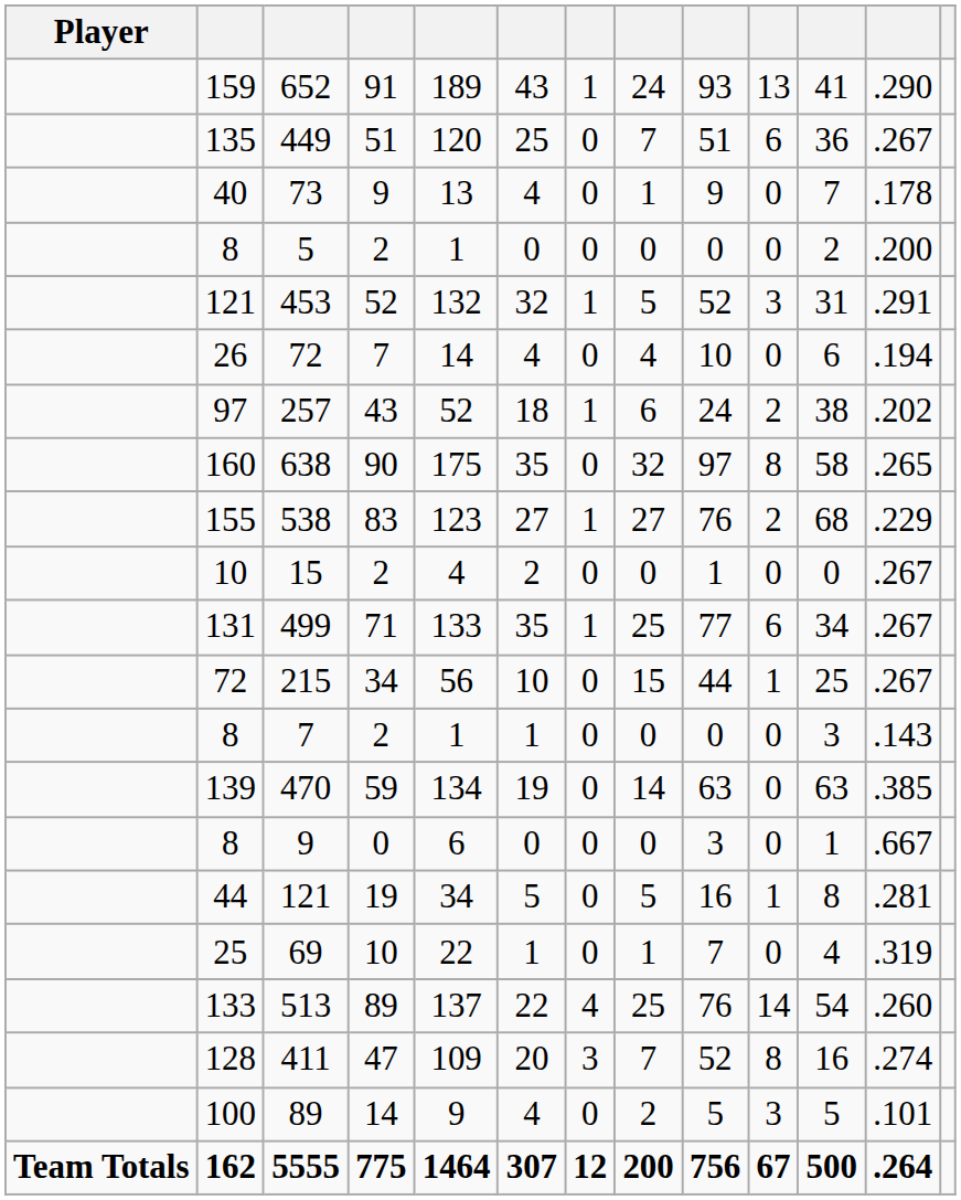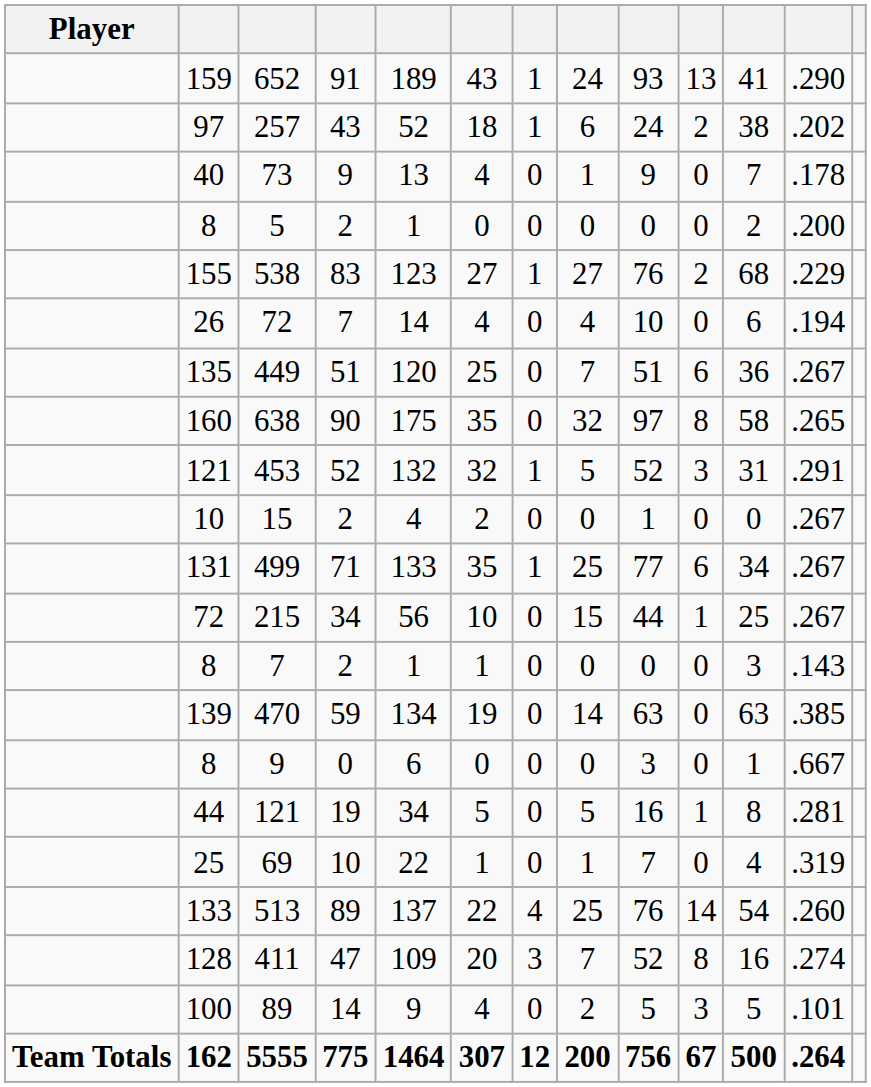 <table class="wikitable sortable">
 <tr>
 <th>Player</th>
 <th></th>
 <th></th>
 <th></th>
 <th></th>
 <th></th>
 <th></th>
 <th></th>
 <th></th>
 <th></th>
 <th></th>
 <th></th>
 <th></th>
 </tr>
 <tr align=center>
 <td></td>
 <td>159</td>
 <td>652</td>
 <td>91</td>
 <td>189</td>
 <td>43</td>
 <td>1</td>
 <td>24</td>
 <td>93</td>
 <td>13</td>
 <td>41</td>
 <td>.290</td>
 <td></td>
 </tr>
 <tr align=center>
 <td></td>
-<td>135</td>
-<td>449</td>
-<td>51</td>
-<td>120</td>
-<td>25</td>
-<td>0</td>
-<td>7</td>
-<td>51</td>
+<td>97</td>
+<td>257</td>
+<td>43</td>
+<td>52</td>
+<td>18</td>
+<td>1</td>
 <td>6</td>
-<td>36</td>
-<td>.267</td>
+<td>24</td>
+<td>2</td>
+<td>38</td>
+<td>.202</td>
 <td></td>
 </tr>
 <tr align=center>
 <td></td>
 <td>40</td>
 <td>73</td>
 <td>9</td>
 <td>13</td>
 <td>4</td>
 <td>0</td>
 <td>1</td>
 <td>9</td>
 <td>0</td>
 <td>7</td>
 <td>.178</td>
 <td></td>
 </tr>
 <tr align=center>
 <td></td>
 <td>8</td>
 <td>5</td>
 <td>2</td>
 <td>1</td>
 <td>0</td>
 <td>0</td>
 <td>0</td>
 <td>0</td>
 <td>0</td>
 <td>2</td>
 <td>.200</td>
 <td></td>
 </tr>
 <tr align=center>
 <td></td>
-<td>121</td>
-<td>453</td>
-<td>52</td>
-<td>132</td>
-<td>32</td>
+<td>155</td>
+<td>538</td>
+<td>83</td>
+<td>123</td>
+<td>27</td>
 <td>1</td>
-<td>5</td>
-<td>52</td>
-<td>3</td>
-<td>31</td>
-<td>.291</td>
+<td>27</td>
+<td>76</td>
+<td>2</td>
+<td>68</td>
+<td>.229</td>
 <td></td>
 </tr>
 <tr align=center>
 <td></td>
 <td>26</td>
 <td>72</td>
 <td>7</td>
 <td>14</td>
 <td>4</td>
 <td>0</td>
 <td>4</td>
 <td>10</td>
 <td>0</td>
 <td>6</td>
 <td>.194</td>
 <td></td>
 </tr>
 <tr align=center>
 <td></td>
-<td>97</td>
-<td>257</td>
-<td>43</td>
-<td>52</td>
-<td>18</td>
-<td>1</td>
+<td>135</td>
+<td>449</td>
+<td>51</td>
+<td>120</td>
+<td>25</td>
+<td>0</td>
+<td>7</td>
+<td>51</td>
 <td>6</td>
-<td>24</td>
-<td>2</td>
-<td>38</td>
-<td>.202</td>
+<td>36</td>
+<td>.267</td>
 <td></td>
 </tr>
 <tr align=center>
 <td></td>
 <td>160</td>
 <td>638</td>
 <td>90</td>
 <td>175</td>
 <td>35</td>
 <td>0</td>
 <td>32</td>
 <td>97</td>
 <td>8</td>
 <td>58</td>
 <td>.265</td>
 <td></td>
 </tr>
 <tr align=center>
 <td></td>
-<td>155</td>
-<td>538</td>
-<td>83</td>
-<td>123</td>
-<td>27</td>
+<td>121</td>
+<td>453</td>
+<td>52</td>
+<td>132</td>
+<td>32</td>
 <td>1</td>
-<td>27</td>
-<td>76</td>
-<td>2</td>
-<td>68</td>
-<td>.229</td>
+<td>5</td>
+<td>52</td>
+<td>3</td>
+<td>31</td>
+<td>.291</td>
 <td></td>
 </tr>
 <tr align=center>
 <td></td>
 <td>10</td>
 <td>15</td>
 <td>2</td>
 <td>4</td>
 <td>2</td>
 <td>0</td>
 <td>0</td>
 <td>1</td>
 <td>0</td>
 <td>0</td>
 <td>.267</td>
 <td></td>
 </tr>
 <tr align=center>
 <td></td>
 <td>131</td>
 <td>499</td>
 <td>71</td>
 <td>133</td>
 <td>35</td>
 <td>1</td>
 <td>25</td>
 <td>77</td>
 <td>6</td>
 <td>34</td>
 <td>.267</td>
 <td></td>
 </tr>
 <tr align=center>
 <td></td>
 <td>72</td>
 <td>215</td>
 <td>34</td>
 <td>56</td>
 <td>10</td>
 <td>0</td>
 <td>15</td>
 <td>44</td>
 <td>1</td>
 <td>25</td>
 <td>.267</td>
 <td></td>
 </tr>
 <tr align=center>
 <td></td>
 <td>8</td>
 <td>7</td>
 <td>2</td>
 <td>1</td>
 <td>1</td>
 <td>0</td>
 <td>0</td>
 <td>0</td>
 <td>0</td>
 <td>3</td>
 <td>.143</td>
 <td></td>
 </tr>
 <tr align=center>
 <td></td>
 <td>139</td>
 <td>470</td>
 <td>59</td>
 <td>134</td>
 <td>19</td>
 <td>0</td>
 <td>14</td>
 <td>63</td>
 <td>0</td>
 <td>63</td>
 <td>.385</td>
 <td></td>
 </tr>
 <tr align=center>
 <td></td>
 <td>8</td>
 <td>9</td>
 <td>0</td>
 <td>6</td>
 <td>0</td>
 <td>0</td>
 <td>0</td>
 <td>3</td>
 <td>0</td>
 <td>1</td>
 <td>.667</td>
 <td></td>
 </tr>
 <tr align=center>
 <td></td>
 <td>44</td>
 <td>121</td>
 <td>19</td>
 <td>34</td>
 <td>5</td>
 <td>0</td>
 <td>5</td>
 <td>16</td>
 <td>1</td>
 <td>8</td>
 <td>.281</td>
 <td></td>
 </tr>
 <tr align=center>
 <td></td>
 <td>25</td>
 <td>69</td>
 <td>10</td>
 <td>22</td>
 <td>1</td>
 <td>0</td>
 <td>1</td>
 <td>7</td>
 <td>0</td>
 <td>4</td>
 <td>.319</td>
 <td></td>
 </tr>
 <tr align=center>
 <td></td>
 <td>133</td>
 <td>513</td>
 <td>89</td>
 <td>137</td>
 <td>22</td>
 <td>4</td>
 <td>25</td>
 <td>76</td>
 <td>14</td>
 <td>54</td>
 <td>.260</td>
 <td></td>
 </tr>
 <tr align=center>
 <td></td>
 <td>128</td>
 <td>411</td>
 <td>47</td>
 <td>109</td>
 <td>20</td>
 <td>3</td>
 <td>7</td>
 <td>52</td>
 <td>8</td>
 <td>16</td>
 <td>.274</td>
 <td></td>
 </tr>
 <tr align=center>
 <td></td>
 <td>100</td>
 <td>89</td>
 <td>14</td>
 <td>9</td>
 <td>4</td>
 <td>0</td>
 <td>2</td>
 <td>5</td>
 <td>3</td>
 <td>5</td>
 <td>.101</td>
 <td></td>
 </tr>
 <tr align=center>
 <td><strong>Team Totals</strong></td>
 <td><strong>162</strong></td>
 <td><strong>5555</strong></td>
 <td><strong>775</strong></td>
 <td><strong>1464</strong></td>
 <td><strong>307</strong></td>
 <td><strong>12</strong></td>
 <td><strong>200</strong></td>
 <td><strong>756</strong></td>
 <td><strong>67</strong></td>
 <td><strong>500</strong></td>
 <td><strong>.264</strong></td>
 <td></td>
 </tr>
 </table>
